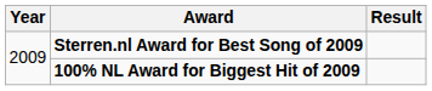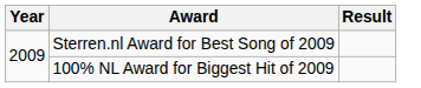 <table class="wikitable">
 <tr>
 <th>Year</th>
 <th>Award</th>
 <th>Result</th>
 </tr>
 <tr>
 <td rowspan="2">2009</td>
-<td><strong>Sterren.nl Award for Best Song of 2009</strong></td>
+<td>Sterren.nl Award for Best Song of 2009</td>
 <td></td>
 </tr>
 <tr>
-<td><strong>100% NL Award for Biggest Hit of 2009</strong></td>
+<td>100% NL Award for Biggest Hit of 2009</td>
 <td></td>
 </tr>
 </table>
